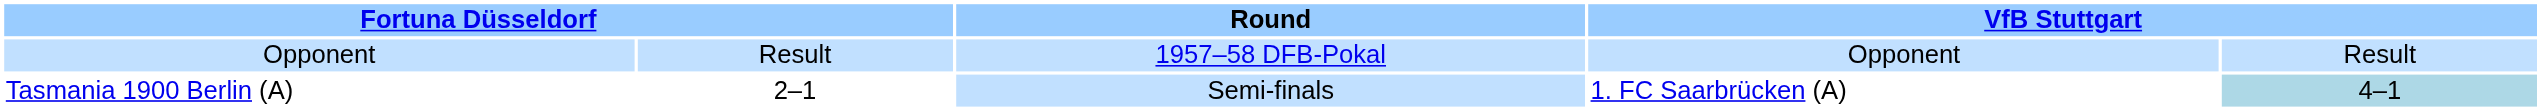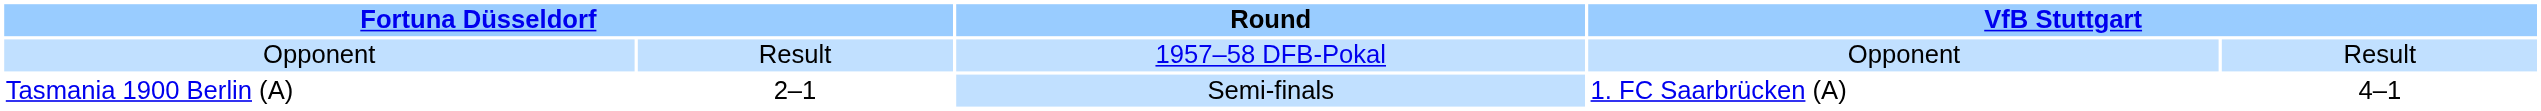 <table style="width:80%; text-align:center;">
 <tr style="vertical-align:top; background:#99CCFF;">
 <th colspan="2"><a href='#'>Fortuna Düsseldorf</a></th>
 <th style="width:20%">Round</th>
 <th colspan="2"><a href='#'>VfB Stuttgart</a></th>
 </tr>
 <tr style="vertical-align:top; background:#C1E0FF;">
 <td style="width:20%">Opponent</td>
 <td style="width:10%">Result</td>
 <td><a href='#'>1957–58 DFB-Pokal</a></td>
 <td style="width:20%">Opponent</td>
 <td style="width:10%">Result</td>
 </tr>
 <tr>
 <td align="left"><a href='#'>Tasmania 1900 Berlin</a> (A)</td>
 <td>2–1</td>
 <td style="background:#C1E0FF;">Semi-finals</td>
 <td align="left"><a href='#'>1. FC Saarbrücken</a> (A)</td>
-<td style="background: lightblue;">4–1</td>
+<td>4–1</td>
 </tr>
 </table>
